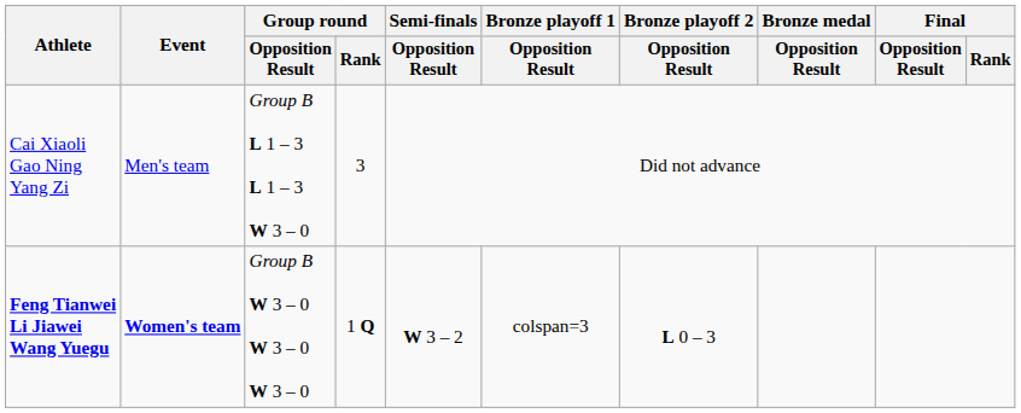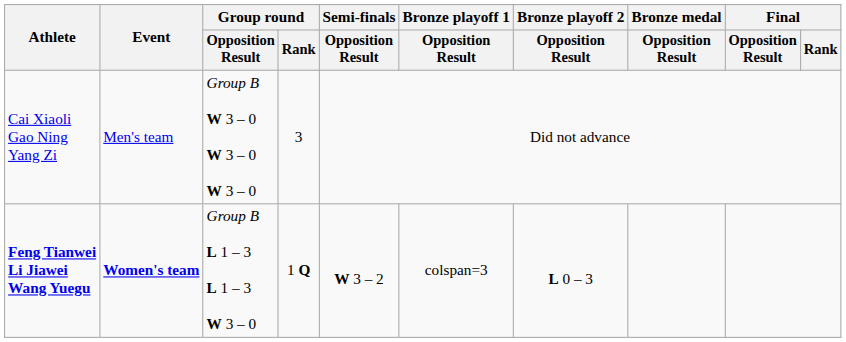 <table class="wikitable" style="font-size:90%">
 <tr>
 <th rowspan="2">Athlete</th>
 <th rowspan="2">Event</th>
 <th colspan="2">Group round</th>
 <th>Semi-finals</th>
 <th>Bronze playoff 1</th>
 <th>Bronze playoff 2</th>
 <th>Bronze medal</th>
 <th colspan=2>Final</th>
 </tr>
 <tr style="font-size:95%">
 <th>Opposition<br>Result</th>
 <th>Rank</th>
 <th>Opposition<br>Result</th>
 <th>Opposition<br>Result</th>
 <th>Opposition<br>Result</th>
 <th>Opposition<br>Result</th>
 <th>Opposition<br>Result</th>
 <th>Rank</th>
 </tr>
 <tr align=center>
 <td align=left><a href='#'>Cai Xiaoli</a><br><a href='#'>Gao Ning</a><br><a href='#'>Yang Zi</a></td>
 <td align=left><a href='#'>Men's team</a></td>
-<td align=left><em>Group B</em><br><br><strong>L</strong> 1 – 3<br><br><strong>L</strong> 1 – 3<br><br><strong>W</strong> 3 – 0</td>
+<td align=left><em>Group B</em><br><br><strong>W</strong> 3 – 0<br><br><strong>W</strong> 3 – 0<br><br><strong>W</strong> 3 – 0</td>
 <td>3</td>
 <td colspan=6>Did not advance</td>
 </tr>
 <tr align=center>
 <td align=left><strong><a href='#'>Feng Tianwei</a><br><a href='#'>Li Jiawei</a><br><a href='#'>Wang Yuegu</a></strong></td>
 <td align=left><strong><a href='#'>Women's team</a></strong></td>
-<td align=left><em>Group B</em><br><br><strong>W</strong> 3 – 0<br><br><strong>W</strong> 3 – 0<br><br><strong>W</strong> 3 – 0</td>
+<td align=left><em>Group B</em><br><br><strong>L</strong> 1 – 3<br><br><strong>L</strong> 1 – 3<br><br><strong>W</strong> 3 – 0</td>
 <td>1 <strong>Q</strong></td>
 <td><br><strong>W</strong> 3 – 2</td>
 <td>colspan=3 </td>
 <td><br><strong>L</strong> 0 – 3</td>
 <td></td>
 </tr>
 </table>
